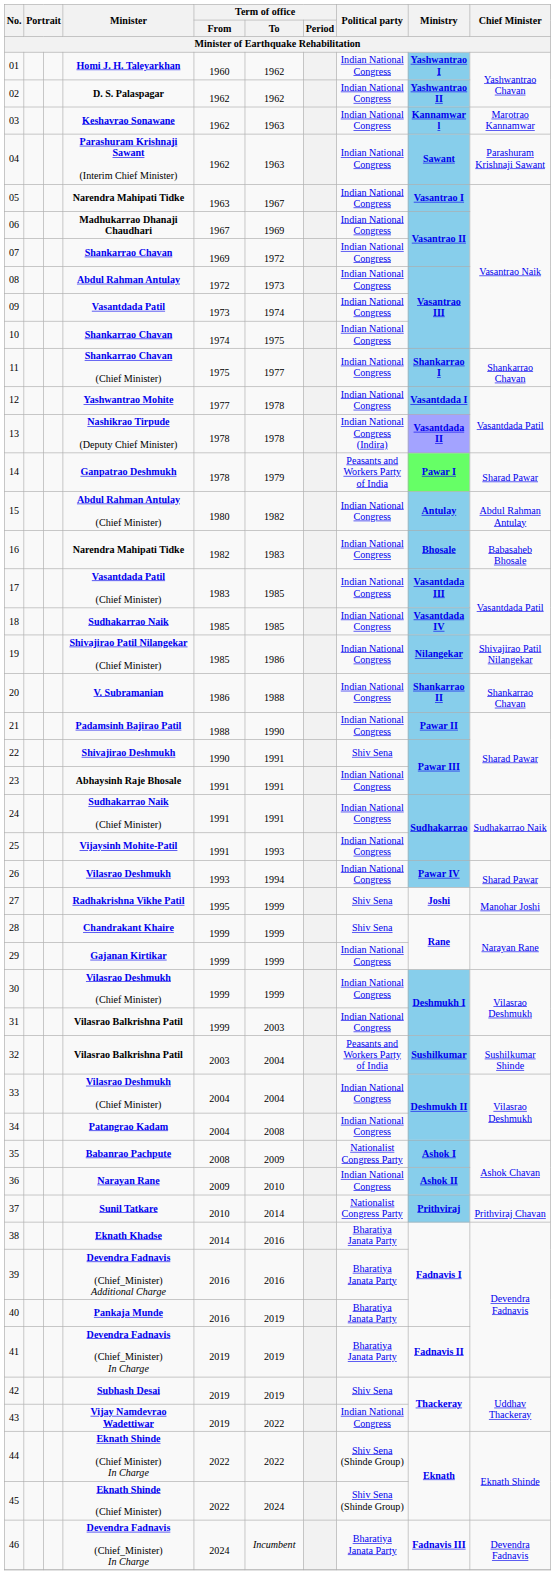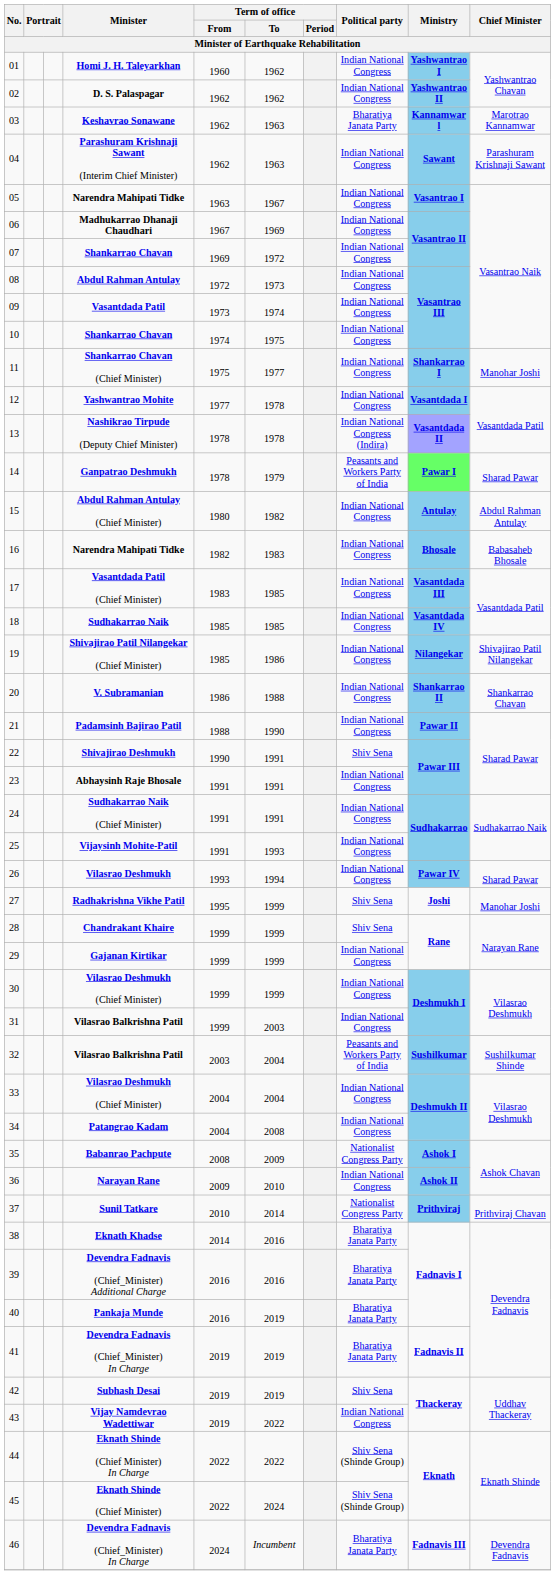 <table class="wikitable" style="text-align:center">
 <tr>
 <th rowspan="2">No.</th>
 <th rowspan="2" colspan="2">Portrait</th>
 <th rowspan="2" style="width:16em">Minister<br></th>
 <th colspan="3">Term of office</th>
 <th rowspan="2" style="width:8em">Political party</th>
 <th rowspan="2">Ministry</th>
 <th rowspan="2" style="width:9em">Chief Minister</th>
 </tr>
 <tr>
 <th style="width:6em">From</th>
 <th style="width:6em">To</th>
 <th>Period</th>
 </tr>
 <tr>
 <th colspan="10">Minister of Earthquake Rehabilitation</th>
 </tr>
 <tr>
 <td>01</td>
 <td style="color:inherit;background:"></td>
 <td></td>
 <td><strong><a href='#'>Homi J. H. Taleyarkhan</a></strong> <br> </td>
 <td><br>1960</td>
 <td><br>1962</td>
 <th></th>
 <td><a href='#'>Indian National Congress</a></td>
 <td bgcolor="#87CEEB"><a href='#'><strong>Yashwantrao I</strong></a></td>
 <td rowspan="2"> <br><a href='#'>Yashwantrao Chavan</a></td>
 </tr>
 <tr>
 <td>02</td>
 <td style="color:inherit;background:"></td>
 <td></td>
 <td><strong>D. S. Palaspagar</strong> <br> </td>
 <td><br>1962</td>
 <td><br>1962</td>
 <th></th>
 <td><a href='#'>Indian National Congress</a></td>
 <td bgcolor="#87CEEB"><a href='#'><strong>Yashwantrao II</strong></a></td>
 </tr>
 <tr>
 <td>03</td>
 <td style="color:inherit;background:"></td>
 <td></td>
 <td><strong><a href='#'>Keshavrao Sonawane</a></strong> <br> </td>
 <td><br>1962</td>
 <td><br>1963</td>
 <th></th>
-<td><a href='#'>Indian National Congress</a></td>
+<td rowspan="1"><a href='#'>Bharatiya Janata Party</a></td>
 <td bgcolor="#87CEEB"><a href='#'><strong>Kannamwar l</strong></a></td>
 <td><a href='#'>Marotrao Kannamwar</a></td>
 </tr>
 <tr>
 <td>04</td>
 <td style="color:inherit;background:"></td>
 <td></td>
 <td><strong><a href='#'>Parashuram Krishnaji Sawant</a></strong> <br>  <br>(Interim Chief Minister)</td>
 <td><br>1962</td>
 <td><br>1963</td>
 <th></th>
 <td><a href='#'>Indian National Congress</a></td>
 <td bgcolor="#87CEEB"><a href='#'><strong>Sawant</strong></a></td>
 <td><a href='#'>Parashuram Krishnaji Sawant</a></td>
 </tr>
 <tr>
 <td>05</td>
 <td style="color:inherit;background:"></td>
 <td></td>
 <td><strong>Narendra Mahipati Tidke</strong> <br> </td>
 <td><br>1963</td>
 <td><br>1967</td>
 <th></th>
 <td><a href='#'>Indian National Congress</a></td>
 <td bgcolor="#87CEEB"><a href='#'><strong>Vasantrao I</strong></a></td>
 <td rowspan="6"><br><a href='#'>Vasantrao Naik</a></td>
 </tr>
 <tr>
 <td>06</td>
 <td style="color:inherit;background:"></td>
 <td></td>
 <td><strong>Madhukarrao Dhanaji Chaudhari</strong> <br> </td>
 <td><br>1967</td>
 <td><br>1969</td>
 <th></th>
 <td><a href='#'>Indian National Congress</a></td>
 <td rowspan="2" bgcolor="#87CEEB"><a href='#'><strong>Vasantrao II</strong></a></td>
 </tr>
 <tr>
 <td>07</td>
 <td style="color:inherit;background:"></td>
 <td></td>
 <td><strong><a href='#'>Shankarrao Chavan</a></strong> <br> </td>
 <td><br>1969</td>
 <td><br>1972</td>
 <th></th>
 <td><a href='#'>Indian National Congress</a></td>
 </tr>
 <tr>
 <td>08</td>
 <td style="color:inherit;background:"></td>
 <td></td>
 <td><strong><a href='#'>Abdul Rahman Antulay</a></strong> <br> </td>
 <td><br>1972</td>
 <td><br>1973</td>
 <th></th>
 <td><a href='#'>Indian National Congress</a></td>
 <td rowspan="3" bgcolor="#87CEEB"><a href='#'><strong>Vasantrao III</strong></a></td>
 </tr>
 <tr>
 <td>09</td>
 <td style="color:inherit;background:"></td>
 <td></td>
 <td><strong><a href='#'>Vasantdada Patil</a></strong> <br> </td>
 <td><br>1973</td>
 <td><br>1974</td>
 <th></th>
 <td><a href='#'>Indian National Congress</a></td>
 </tr>
 <tr>
 <td>10</td>
 <td style="color:inherit;background:"></td>
 <td></td>
 <td><strong><a href='#'>Shankarrao Chavan</a></strong> <br> </td>
 <td><br>1974</td>
 <td><br>1975</td>
 <th></th>
 <td><a href='#'>Indian National Congress</a></td>
 </tr>
 <tr>
 <td>11</td>
 <td style="color:inherit;background:"></td>
 <td></td>
 <td><strong><a href='#'>Shankarrao Chavan</a></strong> <br> <br> (Chief Minister)</td>
 <td><br>1975</td>
 <td><br>1977</td>
 <th></th>
 <td><a href='#'>Indian National Congress</a></td>
 <td rowspan="1" bgcolor="#87CEEB"><a href='#'><strong>Shankarrao I</strong></a></td>
-<td rowspan="1"><br><a href='#'>Shankarrao Chavan</a></td>
+<td rowspan="1"> <br><a href='#'>Manohar Joshi</a></td>
 </tr>
 <tr>
 <td>12</td>
 <td style="color:inherit;background:"></td>
 <td></td>
 <td><strong><a href='#'>Yashwantrao Mohite</a></strong> <br> </td>
 <td><br>1977</td>
 <td><br>1978</td>
 <th></th>
 <td><a href='#'>Indian National Congress</a></td>
 <td rowspan="1" bgcolor="#88CEEB"><a href='#'><strong>Vasantdada I</strong></a></td>
 <td rowspan="2"><br><a href='#'>Vasantdada Patil</a></td>
 </tr>
 <tr>
 <td>13</td>
 <td style="color:inherit;background:"></td>
 <td></td>
 <td><strong><a href='#'>Nashikrao Tirpude</a></strong> <br> <br>(Deputy Chief Minister)</td>
 <td><br>1978</td>
 <td><br>1978</td>
 <th></th>
 <td><a href='#'>Indian National Congress (Indira)</a></td>
 <td rowspan="1" bgcolor="#A3A3FF"><a href='#'><strong>Vasantdada II</strong></a></td>
 </tr>
 <tr>
 <td>14</td>
 <td style="color:inherit;background:"></td>
 <td></td>
 <td><strong><a href='#'>Ganpatrao Deshmukh</a></strong> <br> </td>
 <td><br>1978</td>
 <td><br>1979</td>
 <th></th>
 <td><a href='#'>Peasants and Workers Party of India</a></td>
 <td rowspan="1" bgcolor="#66FF66"><a href='#'><strong>Pawar I</strong></a></td>
 <td rowspan="1"><br><a href='#'>Sharad Pawar</a></td>
 </tr>
 <tr>
 <td>15</td>
 <td style="color:inherit;background:"></td>
 <td></td>
 <td><strong><a href='#'>Abdul Rahman Antulay</a></strong><br>  <br> (Chief Minister)</td>
 <td><br>1980</td>
 <td><br>1982</td>
 <th></th>
 <td><a href='#'>Indian National Congress</a></td>
 <td rowspan="1" bgcolor="#87CEEB"><a href='#'><strong>Antulay</strong></a></td>
 <td rowspan="1"> <br><a href='#'>Abdul Rahman Antulay</a></td>
 </tr>
 <tr>
 <td>16</td>
 <td style="color:inherit;background:"></td>
 <td></td>
 <td><strong>Narendra Mahipati Tidke</strong> <br> </td>
 <td><br>1982</td>
 <td><br>1983</td>
 <th></th>
 <td><a href='#'>Indian National Congress</a></td>
 <td rowspan="1" bgcolor="#87CEEB"><a href='#'><strong>Bhosale</strong></a></td>
 <td rowspan="1"> <br><a href='#'>Babasaheb Bhosale</a></td>
 </tr>
 <tr>
 <td>17</td>
 <td style="color:inherit;background:"></td>
 <td></td>
 <td><strong><a href='#'>Vasantdada Patil</a></strong> <br> <br>(Chief Minister)</td>
 <td><br>1983</td>
 <td><br>1985</td>
 <th></th>
 <td><a href='#'>Indian National Congress</a></td>
 <td rowspan="1" bgcolor="#87CEEB"><a href='#'><strong>Vasantdada III</strong></a></td>
 <td rowspan="2"><br><a href='#'>Vasantdada Patil</a></td>
 </tr>
 <tr>
 <td>18</td>
 <td style="color:inherit;background:"></td>
 <td></td>
 <td><strong><a href='#'>Sudhakarrao Naik</a></strong> <br> </td>
 <td><br>1985</td>
 <td><br>1985</td>
 <th></th>
 <td><a href='#'>Indian National Congress</a></td>
 <td rowspan="1" bgcolor="#87CEEB"><a href='#'><strong>Vasantdada IV</strong></a></td>
 </tr>
 <tr>
 <td>19</td>
 <td style="color:inherit;background:"></td>
 <td></td>
 <td><strong><a href='#'>Shivajirao Patil Nilangekar</a></strong> <br> <br> (Chief Minister)</td>
 <td><br>1985</td>
 <td><br>1986</td>
 <th></th>
 <td><a href='#'>Indian National Congress</a></td>
 <td rowspan="1" bgcolor="#87CEEB"><a href='#'><strong>Nilangekar</strong></a></td>
 <td rowspan="1"><a href='#'>Shivajirao Patil Nilangekar</a></td>
 </tr>
 <tr>
 <td>20</td>
 <td style="color:inherit;background:"></td>
 <td></td>
 <td><strong><a href='#'>V. Subramanian</a></strong> <br> </td>
 <td><br>1986</td>
 <td><br>1988</td>
 <th></th>
 <td><a href='#'>Indian National Congress</a></td>
 <td rowspan="1"bgcolor="#87CEEB"><a href='#'><strong>Shankarrao II</strong></a></td>
 <td rowspan="1"> <br><a href='#'>Shankarrao Chavan</a></td>
 </tr>
 <tr>
 <td>21</td>
 <td style="color:inherit;background:"></td>
 <td></td>
 <td><strong><a href='#'>Padamsinh Bajirao Patil</a></strong> <br> </td>
 <td><br>1988</td>
 <td><br>1990</td>
 <th></th>
 <td><a href='#'>Indian National Congress</a></td>
 <td rowspan="1" bgcolor="#87CEEB"><a href='#'><strong>Pawar II</strong></a></td>
 <td rowspan="3"> <br><a href='#'>Sharad Pawar</a></td>
 </tr>
 <tr>
 <td>22</td>
 <td style="color:inherit;background:"></td>
 <td></td>
 <td><strong><a href='#'>Shivajirao Deshmukh</a></strong> <br> </td>
 <td><br>1990</td>
 <td><br>1991</td>
 <th></th>
 <td><a href='#'>Shiv Sena</a></td>
 <td rowspan="2" bgcolor="#87CEEB"><a href='#'><strong>Pawar III</strong></a></td>
 </tr>
 <tr>
 <td>23</td>
 <td style="color:inherit;background:"></td>
 <td></td>
 <td><strong>Abhaysinh Raje Bhosale</strong> <br> </td>
 <td><br>1991</td>
 <td><br>1991</td>
 <th></th>
 <td><a href='#'>Indian National Congress</a></td>
 </tr>
 <tr>
 <td>24</td>
 <td style="color:inherit;background:"></td>
 <td></td>
 <td><strong><a href='#'>Sudhakarrao Naik</a></strong> <br> <br> (Chief Minister)</td>
 <td><br>1991</td>
 <td><br>1991</td>
 <th></th>
 <td><a href='#'>Indian National Congress</a></td>
 <td rowspan="2" bgcolor="#87CEEB"><a href='#'><strong>Sudhakarrao</strong></a></td>
 <td rowspan="2"><a href='#'>Sudhakarrao Naik</a></td>
 </tr>
 <tr>
 <td>25</td>
 <td style="color:inherit;background:"></td>
 <td></td>
 <td><strong><a href='#'>Vijaysinh Mohite-Patil</a></strong> <br> </td>
 <td><br>1991</td>
 <td><br>1993</td>
 <th></th>
 <td><a href='#'>Indian National Congress</a></td>
 </tr>
 <tr>
 <td>26</td>
 <td style="color:inherit;background:"></td>
 <td></td>
 <td><strong><a href='#'>Vilasrao Deshmukh</a></strong> <br> </td>
 <td><br>1993</td>
 <td><br>1994</td>
 <th></th>
 <td><a href='#'>Indian National Congress</a></td>
 <td rowspan="1" bgcolor="#87CEEB"><a href='#'><strong>Pawar IV</strong></a></td>
 <td rowspan="1"> <br><a href='#'>Sharad Pawar</a></td>
 </tr>
 <tr>
 <td>27</td>
 <td style="color:inherit;background:"></td>
 <td></td>
 <td><strong><a href='#'>Radhakrishna Vikhe Patil</a></strong> <br> </td>
 <td><br>1995</td>
 <td><br>1999</td>
 <th></th>
 <td><a href='#'>Shiv Sena</a></td>
 <td rowspan="1"><a href='#'><strong>Joshi</strong></a></td>
 <td rowspan="1"> <br><a href='#'>Manohar Joshi</a></td>
 </tr>
 <tr>
 <td>28</td>
 <td style="color:inherit;background:"></td>
 <td></td>
 <td><strong><a href='#'>Chandrakant Khaire</a></strong> <br> </td>
 <td><br>1999</td>
 <td><br>1999</td>
 <th></th>
 <td><a href='#'>Shiv Sena</a></td>
 <td rowspan="2"><a href='#'><strong>Rane</strong></a></td>
 <td rowspan="2"> <br><a href='#'>Narayan Rane</a></td>
 </tr>
 <tr>
 <td>29</td>
 <td style="color:inherit;background:"></td>
 <td></td>
 <td><strong><a href='#'>Gajanan Kirtikar</a></strong> <br> </td>
 <td><br>1999</td>
 <td><br>1999</td>
 <th></th>
 <td><a href='#'>Indian National Congress</a></td>
 </tr>
 <tr>
 <td>30</td>
 <td style="color:inherit;background:"></td>
 <td></td>
 <td><strong><a href='#'>Vilasrao Deshmukh</a></strong> <br> <br> (Chief Minister)</td>
 <td><br>1999</td>
 <td><br>1999</td>
 <th></th>
 <td><a href='#'>Indian National Congress</a></td>
 <td rowspan="2" bgcolor="#87CEEB"><a href='#'><strong>Deshmukh I</strong></a></td>
 <td rowspan="2"> <br><a href='#'>Vilasrao Deshmukh</a></td>
 </tr>
 <tr>
 <td>31</td>
 <td style="color:inherit;background:"></td>
 <td></td>
 <td><strong>Vilasrao Balkrishna Patil</strong> <br> </td>
 <td><br>1999</td>
 <td><br>2003</td>
 <th></th>
 <td><a href='#'>Indian National Congress</a></td>
 </tr>
 <tr>
 <td>32</td>
 <td style="color:inherit;background:"></td>
 <td></td>
 <td><strong>Vilasrao Balkrishna Patil</strong> <br> </td>
 <td><br>2003</td>
 <td><br>2004</td>
 <th></th>
 <td><a href='#'>Peasants and Workers Party of India</a></td>
 <td rowspan="1" bgcolor="#87CEEB"><a href='#'><strong>Sushilkumar</strong></a></td>
 <td rowspan="1"> <br><a href='#'>Sushilkumar Shinde</a></td>
 </tr>
 <tr>
 <td>33</td>
 <td style="color:inherit;background:"></td>
 <td></td>
 <td><strong><a href='#'>Vilasrao Deshmukh</a></strong> <br> <br> (Chief Minister)</td>
 <td><br>2004</td>
 <td><br>2004</td>
 <th></th>
 <td><a href='#'>Indian National Congress</a></td>
 <td rowspan="2" bgcolor="#87CEEB"><a href='#'><strong>Deshmukh II</strong></a></td>
 <td rowspan="2"> <br><a href='#'>Vilasrao Deshmukh</a></td>
 </tr>
 <tr>
 <td>34</td>
 <td style="color:inherit;background:"></td>
 <td></td>
 <td><strong><a href='#'>Patangrao Kadam</a></strong> <br> </td>
 <td><br>2004</td>
 <td><br>2008</td>
 <th></th>
 <td><a href='#'>Indian National Congress</a></td>
 </tr>
 <tr>
 <td>35</td>
 <td style="color:inherit;background:"></td>
 <td></td>
 <td><strong><a href='#'>Babanrao Pachpute</a></strong> <br> </td>
 <td><br>2008</td>
 <td><br>2009</td>
 <th></th>
 <td><a href='#'>Nationalist Congress Party</a></td>
 <td rowspan="1" bgcolor="#87CEEB"><a href='#'><strong>Ashok I</strong></a></td>
 <td rowspan="2"><br><a href='#'>Ashok Chavan</a></td>
 </tr>
 <tr>
 <td>36</td>
 <td style="color:inherit;background:"></td>
 <td></td>
 <td><strong><a href='#'>Narayan Rane</a></strong>  <br> </td>
 <td><br>2009</td>
 <td><br>2010</td>
 <th></th>
 <td><a href='#'>Indian National Congress</a></td>
 <td rowspan="1"bgcolor="#87CEEB"><a href='#'><strong>Ashok II</strong></a></td>
 </tr>
 <tr>
 <td>37</td>
 <td style="color:inherit;background:"></td>
 <td></td>
 <td><strong><a href='#'>Sunil Tatkare</a></strong> <br> </td>
 <td><br>2010</td>
 <td><br>2014</td>
 <th></th>
 <td><a href='#'>Nationalist Congress Party</a></td>
 <td rowspan="1" bgcolor="#87CEEB"><a href='#'><strong>Prithviraj</strong></a></td>
 <td rowspan="1"><br><a href='#'>Prithviraj Chavan</a></td>
 </tr>
 <tr>
 <td>38</td>
 <td style="color:inherit;background:"></td>
 <td></td>
 <td><strong><a href='#'>Eknath Khadse</a></strong> <br> </td>
 <td><br>2014</td>
 <td><br>2016</td>
 <th></th>
 <td rowspan="1"><a href='#'>Bharatiya Janata Party</a></td>
 <td rowspan="3"><a href='#'><strong>Fadnavis I</strong></a></td>
 <td rowspan="4"> <br><a href='#'>Devendra Fadnavis</a></td>
 </tr>
 <tr>
 <td>39</td>
 <td style="color:inherit;background:"></td>
 <td></td>
 <td><strong><a href='#'>Devendra Fadnavis</a></strong>  <br> <br>(Chief_Minister)<br> <em>Additional Charge</em></td>
 <td><br>2016</td>
 <td><br>2016</td>
 <th></th>
 <td rowspan="1"><a href='#'>Bharatiya Janata Party</a></td>
 </tr>
 <tr>
 <td>40</td>
 <td style="color:inherit;background:"></td>
 <td></td>
 <td><strong><a href='#'>Pankaja Munde</a></strong> <br> </td>
 <td><br>2016</td>
 <td><br>2019</td>
 <th></th>
 <td rowspan="1"><a href='#'>Bharatiya Janata Party</a></td>
 </tr>
 <tr>
 <td>41</td>
 <td style="color:inherit;background:"></td>
 <td></td>
 <td><strong><a href='#'>Devendra Fadnavis</a></strong>  <br> <br>(Chief_Minister) <br><em>In Charge</em></td>
 <td><br>2019</td>
 <td><br>2019</td>
 <th></th>
 <td><a href='#'>Bharatiya Janata Party</a></td>
 <td rowspan="1"><a href='#'><strong>Fadnavis II</strong></a></td>
 </tr>
 <tr>
 <td>42</td>
 <td style="color:inherit;background:"></td>
 <td></td>
 <td><strong><a href='#'>Subhash Desai</a></strong> <br> </td>
 <td><br>2019</td>
 <td><br>2019</td>
 <th></th>
 <td><a href='#'>Shiv Sena</a></td>
 <td rowspan="2"><a href='#'><strong>Thackeray</strong></a></td>
 <td rowspan="2"> <br><a href='#'>Uddhav Thackeray</a></td>
 </tr>
 <tr>
 <td>43</td>
 <td style="color:inherit;background:"></td>
 <td></td>
 <td><strong><a href='#'>Vijay Namdevrao Wadettiwar</a></strong> <br> </td>
 <td><br>2019</td>
 <td><br>2022</td>
 <th></th>
 <td><a href='#'>Indian National Congress</a></td>
 </tr>
 <tr>
 <td>44</td>
 <td style="color:inherit;background:"></td>
 <td></td>
 <td><strong><a href='#'>Eknath Shinde</a></strong> <br>  <br>(Chief Minister)<br><em>In Charge</em></td>
 <td><br>2022</td>
 <td><br>2022</td>
 <th></th>
 <td><a href='#'>Shiv Sena</a> (Shinde Group)</td>
 <td rowspan="2"><a href='#'><strong>Eknath</strong></a></td>
 <td rowspan="2"> <br><a href='#'>Eknath Shinde</a></td>
 </tr>
 <tr>
 <td>45</td>
 <td style="color:inherit;background:"></td>
 <td></td>
 <td><strong><a href='#'>Eknath Shinde</a></strong> <br>  <br>(Chief Minister)</td>
 <td><br>2022</td>
 <td><br>2024</td>
 <th></th>
 <td><a href='#'>Shiv Sena</a> (Shinde Group)</td>
 </tr>
 <tr>
 <td>46</td>
 <td style="color:inherit;background:"></td>
 <td></td>
 <td><strong><a href='#'>Devendra Fadnavis</a></strong>  <br> <br>(Chief_Minister) <br><em>In Charge</em></td>
 <td><br>2024</td>
 <td><em>Incumbent</em></td>
 <th></th>
 <td><a href='#'>Bharatiya Janata Party</a></td>
 <td rowspan="1"><a href='#'><strong>Fadnavis III</strong></a></td>
 <td rowspan="1"> <br><a href='#'>Devendra Fadnavis</a></td>
 </tr>
 <tr>
 </tr>
 </table>
